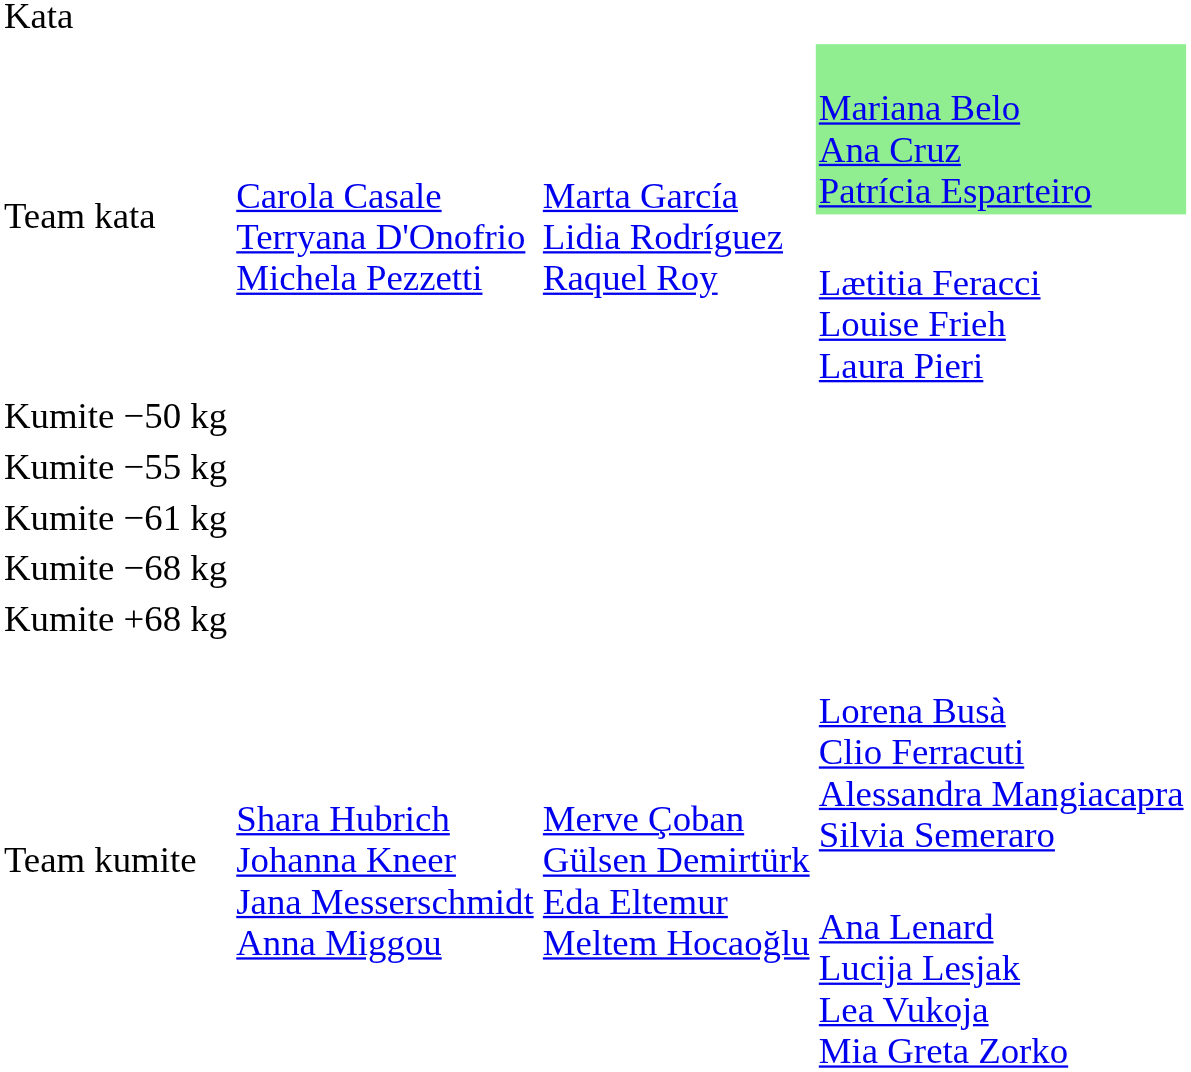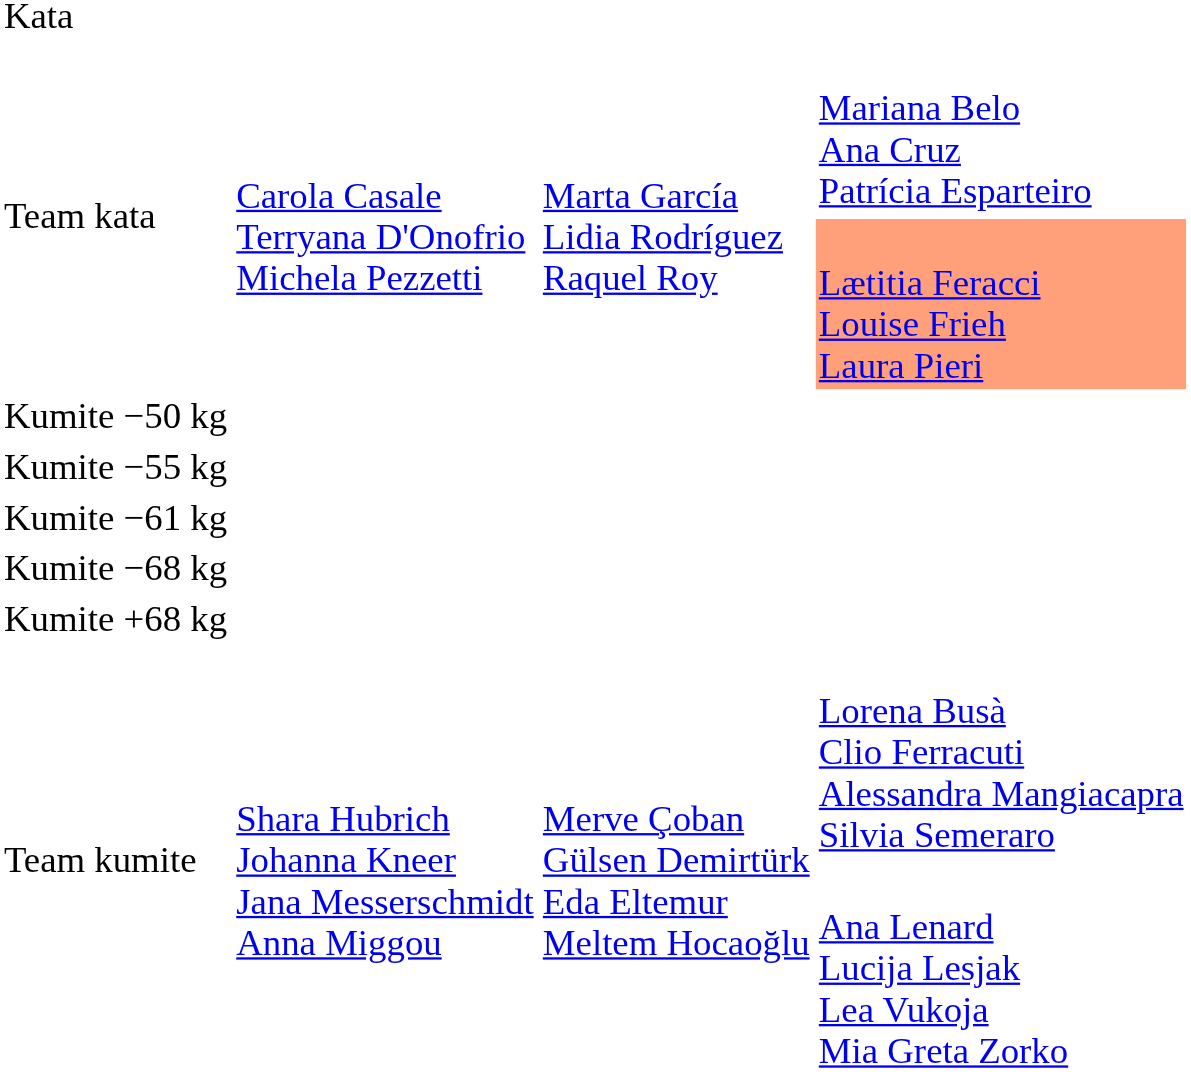 <table>
 <tr>
 <td rowspan=2>Kata</td>
 <td rowspan=2></td>
 <td rowspan=2></td>
 <td></td>
 </tr>
 <tr>
 <td></td>
 </tr>
 <tr>
 <td rowspan=2>Team kata</td>
 <td rowspan=2><br><a href='#'>Carola Casale</a><br><a href='#'>Terryana D'Onofrio</a><br><a href='#'>Michela Pezzetti</a></td>
 <td rowspan=2><br><a href='#'>Marta García</a><br><a href='#'>Lidia Rodríguez</a><br><a href='#'>Raquel Roy</a></td>
-<td style="background: lightgreen;"><br><a href='#'>Mariana Belo</a><br><a href='#'>Ana Cruz</a><br><a href='#'>Patrícia Esparteiro</a></td>
+<td><br><a href='#'>Mariana Belo</a><br><a href='#'>Ana Cruz</a><br><a href='#'>Patrícia Esparteiro</a></td>
 </tr>
 <tr>
-<td><br><a href='#'>Lætitia Feracci</a><br><a href='#'>Louise Frieh</a><br><a href='#'>Laura Pieri</a></td>
+<td style="background: lightsalmon;"><br><a href='#'>Lætitia Feracci</a><br><a href='#'>Louise Frieh</a><br><a href='#'>Laura Pieri</a></td>
 </tr>
 <tr>
 <td rowspan=2>Kumite −50 kg</td>
 <td rowspan=2></td>
 <td rowspan=2></td>
 <td></td>
 </tr>
 <tr>
 <td></td>
 </tr>
 <tr>
 <td rowspan=2>Kumite −55 kg</td>
 <td rowspan=2></td>
 <td rowspan=2></td>
 <td></td>
 </tr>
 <tr>
 <td></td>
 </tr>
 <tr>
 <td rowspan=2>Kumite −61 kg</td>
 <td rowspan=2></td>
 <td rowspan=2></td>
 <td></td>
 </tr>
 <tr>
 <td></td>
 </tr>
 <tr>
 <td rowspan=2>Kumite −68 kg</td>
 <td rowspan=2></td>
 <td rowspan=2></td>
 <td></td>
 </tr>
 <tr>
 <td></td>
 </tr>
 <tr>
 <td rowspan=2>Kumite +68 kg</td>
 <td rowspan=2></td>
 <td rowspan=2></td>
 <td></td>
 </tr>
 <tr>
 <td></td>
 </tr>
 <tr>
 <td rowspan=2>Team kumite</td>
 <td rowspan=2><br><a href='#'>Shara Hubrich</a><br><a href='#'>Johanna Kneer</a><br><a href='#'>Jana Messerschmidt</a><br><a href='#'>Anna Miggou</a></td>
 <td rowspan=2><br><a href='#'>Merve Çoban</a><br><a href='#'>Gülsen Demirtürk</a><br><a href='#'>Eda Eltemur</a><br><a href='#'>Meltem Hocaoğlu</a></td>
 <td><br><a href='#'>Lorena Busà</a><br><a href='#'>Clio Ferracuti</a><br><a href='#'>Alessandra Mangiacapra</a><br><a href='#'>Silvia Semeraro</a></td>
 </tr>
 <tr>
 <td><br><a href='#'>Ana Lenard</a><br><a href='#'>Lucija Lesjak</a><br><a href='#'>Lea Vukoja</a><br><a href='#'>Mia Greta Zorko</a></td>
 </tr>
 </table>
